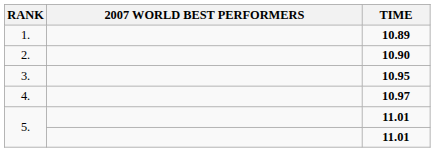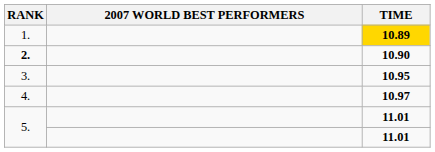 <table class="wikitable" style="border-collapse: collapse; font-size: 90%;">
 <tr>
 <th>RANK</th>
 <th align="center" style="width: 25em">2007 WORLD BEST PERFORMERS</th>
 <th align="center" style="width: 5em">TIME</th>
 </tr>
 <tr>
 <td align="center">1.</td>
 <td></td>
-<td align="center"><strong>10.89</strong></td>
+<td align="center" style="background: gold;"><strong>10.89</strong></td>
 </tr>
 <tr>
-<td align="center">2.</td>
+<td align="center"><strong>2.</strong></td>
 <td></td>
 <td align="center"><strong>10.90</strong></td>
 </tr>
 <tr>
 <td align="center">3.</td>
 <td></td>
 <td align="center"><strong>10.95</strong></td>
 </tr>
 <tr>
 <td align="center">4.</td>
 <td></td>
 <td align="center"><strong>10.97</strong></td>
 </tr>
 <tr>
 <td rowspan=2 align="center">5.</td>
 <td></td>
 <td align="center"><strong>11.01</strong></td>
 </tr>
 <tr>
 <td></td>
 <td align="center"><strong>11.01</strong></td>
 </tr>
 </table>
